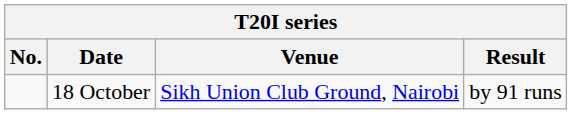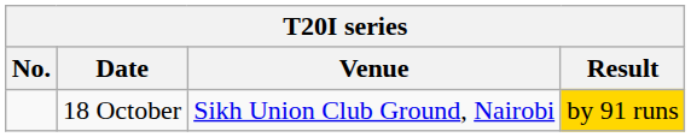 <table class="wikitable">
 <tr>
 <th colspan="4">T20I series</th>
 </tr>
 <tr>
 <th>No.</th>
 <th>Date</th>
 <th>Venue</th>
 <th>Result</th>
 </tr>
 <tr>
 <td></td>
 <td>18 October</td>
 <td><a href='#'>Sikh Union Club Ground</a>, <a href='#'>Nairobi</a></td>
-<td> by 91 runs</td>
+<td style="background: gold;"> by 91 runs</td>
 </tr>
 </table>
